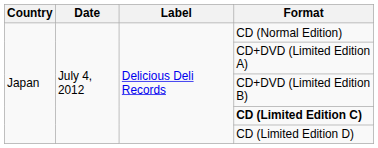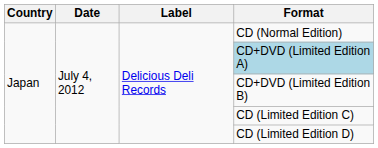 <table class="wikitable" style="width:500px">
 <tr>
 <th>Country</th>
 <th>Date</th>
 <th>Label</th>
 <th>Format</th>
 </tr>
 <tr>
 <td rowspan=5>Japan</td>
 <td rowspan=5>July 4, 2012</td>
 <td rowspan=5><a href='#'>Delicious Deli Records</a></td>
 <td>CD (Normal Edition)</td>
 </tr>
 <tr>
-<td>CD+DVD (Limited Edition A)</td>
+<td style="background: lightblue;">CD+DVD (Limited Edition A)</td>
 </tr>
 <tr>
 <td>CD+DVD (Limited Edition B)</td>
 </tr>
 <tr>
-<td><strong>CD (Limited Edition C)</strong></td>
+<td>CD (Limited Edition C)</td>
 </tr>
 <tr>
 <td>CD (Limited Edition D)</td>
 </tr>
 </table>
